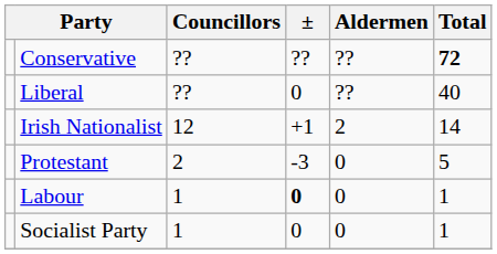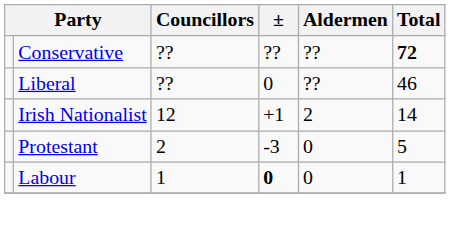 <table class="wikitable">
 <tr>
 <th colspan="2">Party</th>
 <th>Councillors</th>
 <th>  ±  </th>
 <th>Aldermen</th>
 <th>Total</th>
 </tr>
 <tr>
 <td style="background-color: "></td>
 <td><a href='#'>Conservative</a></td>
 <td>??</td>
 <td>??</td>
 <td>??</td>
 <td><strong>72</strong></td>
 </tr>
 <tr>
 <td style="background-color: "></td>
 <td><a href='#'>Liberal</a></td>
 <td>??</td>
 <td>0</td>
 <td>??</td>
-<td>40</td>
+<td>46</td>
 </tr>
 <tr>
 <td style="background-color: "></td>
 <td><a href='#'>Irish Nationalist</a></td>
 <td>12</td>
 <td>+1</td>
 <td>2</td>
 <td>14</td>
 </tr>
 <tr>
 <td style="background-color: "></td>
 <td><a href='#'>Protestant</a></td>
 <td>2</td>
 <td>-3</td>
 <td>0</td>
 <td>5</td>
 </tr>
 <tr>
 <td style="background-color: "></td>
 <td><a href='#'>Labour</a></td>
 <td>1</td>
 <td><strong>0</strong></td>
 <td>0</td>
 <td>1</td>
 </tr>
 <tr>
-<td style="background-color: "></td>
-<td>Socialist Party</td>
-<td>1</td>
-<td>0</td>
-<td>0</td>
-<td>1</td>
-</tr>
-<tr>
 </tr>
 </table>
